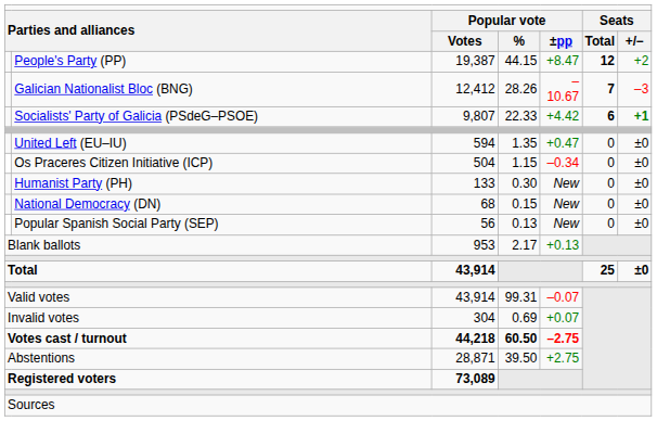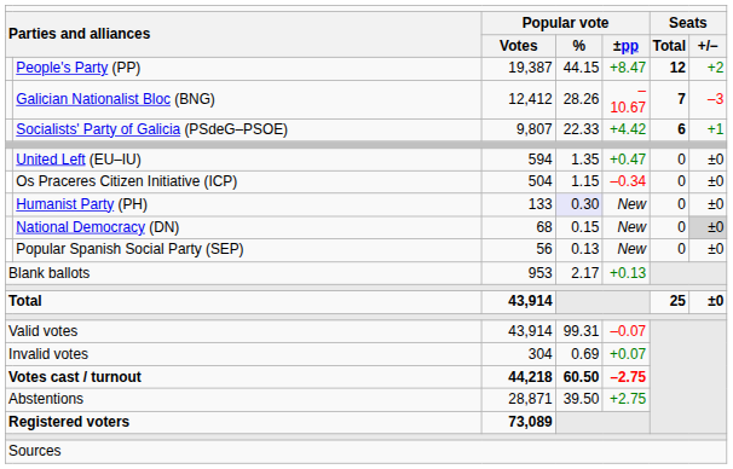 <table class="wikitable" style="text-align:right;">
 <tr>
 <td colspan="7"></td>
 </tr>
 <tr>
 <th style="text-align:left;" rowspan="2" colspan="2" width="525">Parties and alliances</th>
 <th colspan="3">Popular vote</th>
 <th colspan="2">Seats</th>
 </tr>
 <tr>
 <th width="75">Votes</th>
 <th width="45">%</th>
 <th width="45">±<a href='#'>pp</a></th>
 <th width="35">Total</th>
 <th width="35">+/−</th>
 </tr>
 <tr>
 <td width="1" style="color:inherit;background:"></td>
 <td align="left"><a href='#'>People's Party</a> (PP)</td>
 <td>19,387</td>
 <td>44.15</td>
 <td style="color:green;">+8.47</td>
 <td><strong>12</strong></td>
 <td style="color:green;">+2</td>
 </tr>
 <tr>
 <td style="color:inherit;background:"></td>
 <td align="left"><a href='#'>Galician Nationalist Bloc</a> (BNG)</td>
 <td>12,412</td>
 <td>28.26</td>
 <td style="color:red;">–10.67</td>
 <td><strong>7</strong></td>
 <td style="color:red;">–3</td>
 </tr>
 <tr>
 <td style="color:inherit;background:"></td>
 <td align="left"><a href='#'>Socialists' Party of Galicia</a> (PSdeG–PSOE)</td>
 <td>9,807</td>
 <td>22.33</td>
 <td style="color:green;">+4.42</td>
 <td><strong>6</strong></td>
-<td style="color:green;"><strong>+1</strong></td>
+<td style="color:green;">+1</td>
 </tr>
 <tr>
 <td colspan="7" bgcolor="#C0C0C0"></td>
 </tr>
 <tr>
 <td style="color:inherit;background:"></td>
 <td align="left"><a href='#'>United Left</a> (EU–IU)</td>
 <td>594</td>
 <td>1.35</td>
 <td style="color:green;">+0.47</td>
 <td>0</td>
 <td>±0</td>
 </tr>
 <tr>
 <td bgcolor="white"></td>
 <td align="left">Os Praceres Citizen Initiative (ICP)</td>
 <td>504</td>
 <td>1.15</td>
 <td style="color:red;">–0.34</td>
 <td>0</td>
 <td>±0</td>
 </tr>
 <tr>
 <td style="color:inherit;background:"></td>
 <td align="left"><a href='#'>Humanist Party</a> (PH)</td>
 <td>133</td>
-<td>0.30</td>
+<td style="background: lavender;">0.30</td>
 <td><em>New</em></td>
 <td>0</td>
 <td>±0</td>
 </tr>
 <tr>
 <td style="color:inherit;background:"></td>
 <td align="left"><a href='#'>National Democracy</a> (DN)</td>
 <td>68</td>
 <td>0.15</td>
 <td><em>New</em></td>
 <td>0</td>
-<td>±0</td>
+<td style="background: lightgrey;">±0</td>
 </tr>
 <tr>
 <td bgcolor="white"></td>
 <td align="left">Popular Spanish Social Party (SEP)</td>
 <td>56</td>
 <td>0.13</td>
 <td><em>New</em></td>
 <td>0</td>
 <td>±0</td>
 </tr>
 <tr>
 <td align="left" colspan="2">Blank ballots</td>
 <td>953</td>
 <td>2.17</td>
 <td style="color:green;">+0.13</td>
 <td bgcolor="#E9E9E9" colspan="2"></td>
 </tr>
 <tr>
 <td colspan="7" bgcolor="#E9E9E9"></td>
 </tr>
 <tr style="font-weight:bold;">
 <td align="left" colspan="2">Total</td>
 <td>43,914</td>
 <td bgcolor="#E9E9E9" colspan="2"></td>
 <td>25</td>
 <td>±0</td>
 </tr>
 <tr>
 <td colspan="7" bgcolor="#E9E9E9"></td>
 </tr>
 <tr>
 <td align="left" colspan="2">Valid votes</td>
 <td>43,914</td>
 <td>99.31</td>
 <td style="color:red;">–0.07</td>
 <td bgcolor="#E9E9E9" colspan="2" rowspan="5"></td>
 </tr>
 <tr>
 <td align="left" colspan="2">Invalid votes</td>
 <td>304</td>
 <td>0.69</td>
 <td style="color:green;">+0.07</td>
 </tr>
 <tr style="font-weight:bold;">
 <td align="left" colspan="2">Votes cast / turnout</td>
 <td>44,218</td>
 <td>60.50</td>
 <td style="color:red;">–2.75</td>
 </tr>
 <tr>
 <td align="left" colspan="2">Abstentions</td>
 <td>28,871</td>
 <td>39.50</td>
 <td style="color:green;">+2.75</td>
 </tr>
 <tr style="font-weight:bold;">
 <td align="left" colspan="2">Registered voters</td>
 <td>73,089</td>
 <td bgcolor="#E9E9E9" colspan="2"></td>
 </tr>
 <tr>
 <td colspan="7" bgcolor="#E9E9E9"></td>
 </tr>
 <tr>
 <td align="left" colspan="7">Sources</td>
 </tr>
 </table>
